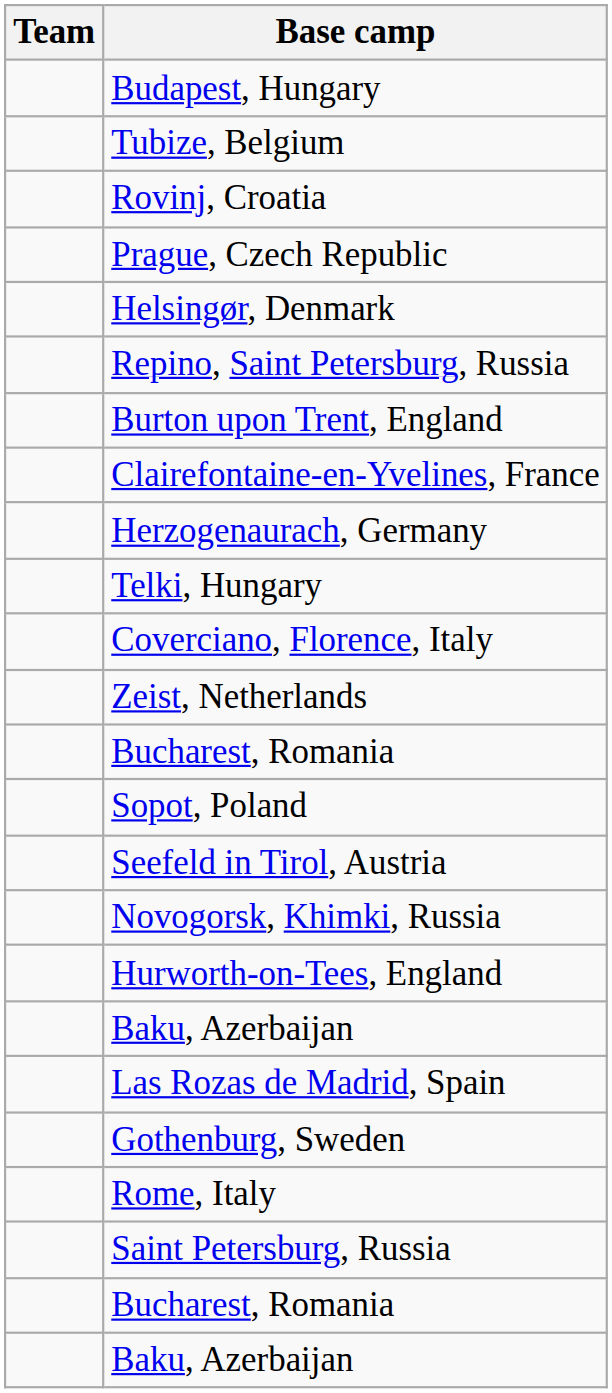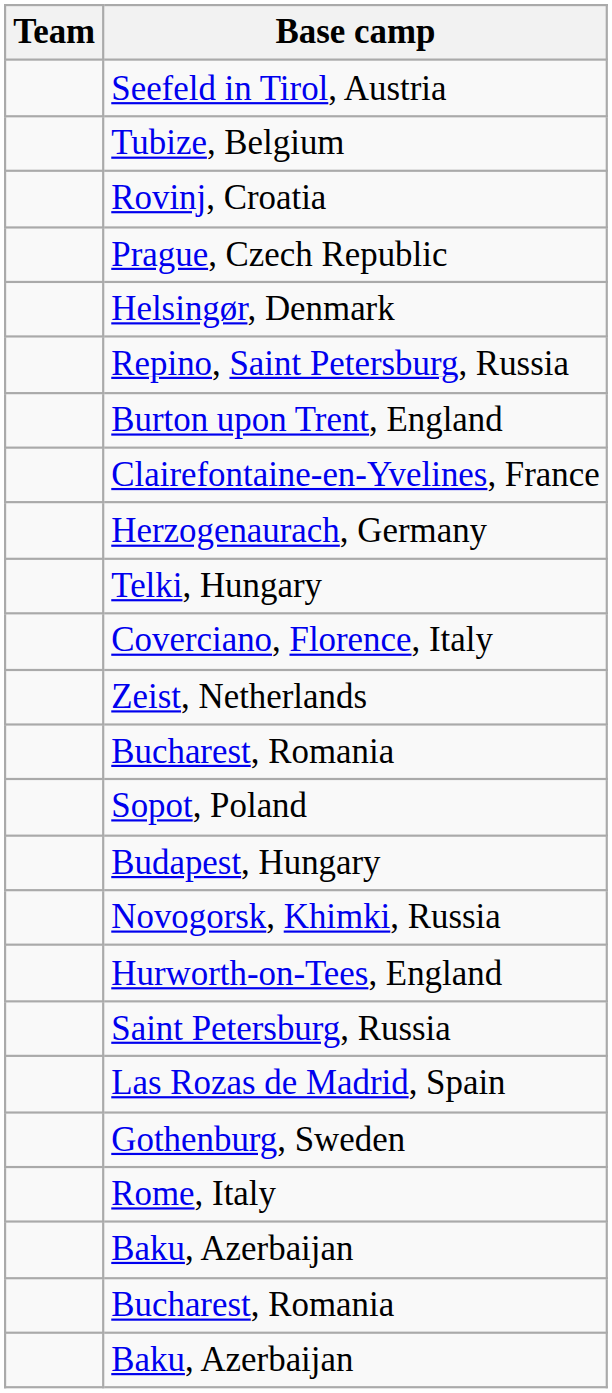 <table class="wikitable sortable">
 <tr>
 <th>Team</th>
 <th>Base camp</th>
 </tr>
 <tr>
 <td></td>
-<td><a href='#'>Budapest</a>, Hungary</td>
+<td><a href='#'>Seefeld in Tirol</a>, Austria</td>
 </tr>
 <tr>
 <td></td>
 <td><a href='#'>Tubize</a>, Belgium</td>
 </tr>
 <tr>
 <td></td>
 <td><a href='#'>Rovinj</a>, Croatia</td>
 </tr>
 <tr>
 <td></td>
 <td><a href='#'>Prague</a>, Czech Republic</td>
 </tr>
 <tr>
 <td></td>
 <td><a href='#'>Helsingør</a>, Denmark</td>
 </tr>
 <tr>
 <td></td>
 <td><a href='#'>Repino</a>, <a href='#'>Saint Petersburg</a>, Russia</td>
 </tr>
 <tr>
 <td></td>
 <td><a href='#'>Burton upon Trent</a>, England</td>
 </tr>
 <tr>
 <td></td>
 <td><a href='#'>Clairefontaine-en-Yvelines</a>, France</td>
 </tr>
 <tr>
 <td></td>
 <td><a href='#'>Herzogenaurach</a>, Germany</td>
 </tr>
 <tr>
 <td></td>
 <td><a href='#'>Telki</a>, Hungary</td>
 </tr>
 <tr>
 <td></td>
 <td><a href='#'>Coverciano</a>, <a href='#'>Florence</a>, Italy</td>
 </tr>
 <tr>
 <td></td>
 <td><a href='#'>Zeist</a>, Netherlands</td>
 </tr>
 <tr>
 <td></td>
 <td><a href='#'>Bucharest</a>, Romania</td>
 </tr>
 <tr>
 <td></td>
 <td><a href='#'>Sopot</a>, Poland</td>
 </tr>
 <tr>
 <td></td>
-<td><a href='#'>Seefeld in Tirol</a>, Austria</td>
+<td><a href='#'>Budapest</a>, Hungary</td>
 </tr>
 <tr>
 <td></td>
 <td><a href='#'>Novogorsk</a>, <a href='#'>Khimki</a>, Russia</td>
 </tr>
 <tr>
 <td></td>
 <td><a href='#'>Hurworth-on-Tees</a>, England</td>
 </tr>
 <tr>
 <td></td>
-<td><a href='#'>Baku</a>, Azerbaijan</td>
+<td><a href='#'>Saint Petersburg</a>, Russia</td>
 </tr>
 <tr>
 <td></td>
 <td><a href='#'>Las Rozas de Madrid</a>, Spain</td>
 </tr>
 <tr>
 <td></td>
 <td><a href='#'>Gothenburg</a>, Sweden</td>
 </tr>
 <tr>
 <td></td>
 <td><a href='#'>Rome</a>, Italy</td>
 </tr>
 <tr>
 <td></td>
-<td><a href='#'>Saint Petersburg</a>, Russia</td>
+<td><a href='#'>Baku</a>, Azerbaijan</td>
 </tr>
 <tr>
 <td></td>
 <td><a href='#'>Bucharest</a>, Romania</td>
 </tr>
 <tr>
 <td></td>
 <td><a href='#'>Baku</a>, Azerbaijan</td>
 </tr>
 </table>
